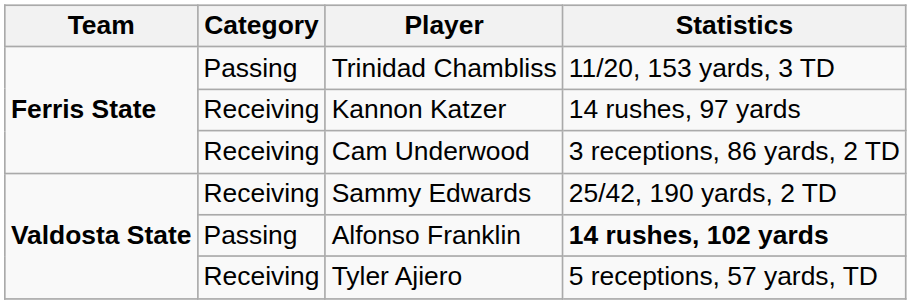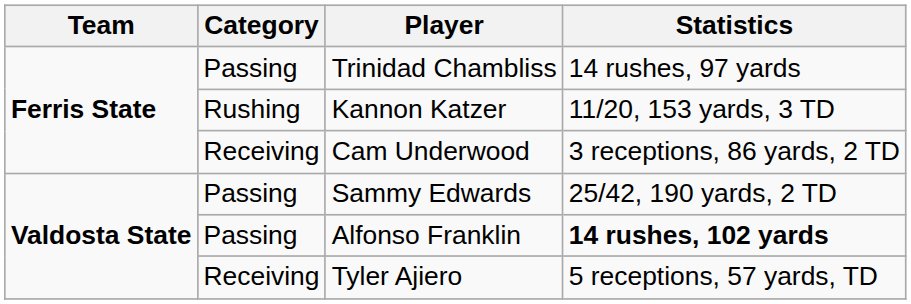 <table class="wikitable" style="float: left;">
 <tr>
 <th>Team</th>
 <th>Category</th>
 <th>Player</th>
 <th>Statistics</th>
 </tr>
 <tr>
 <td rowspan=3><strong>Ferris State</strong></td>
 <td>Passing</td>
 <td>Trinidad Chambliss</td>
-<td>11/20, 153 yards, 3 TD</td>
+<td>14 rushes, 97 yards</td>
 </tr>
 <tr>
-<td>Receiving</td>
+<td>Rushing</td>
 <td>Kannon Katzer</td>
-<td>14 rushes, 97 yards</td>
+<td>11/20, 153 yards, 3 TD</td>
 </tr>
 <tr>
 <td>Receiving</td>
 <td>Cam Underwood</td>
 <td>3 receptions, 86 yards, 2 TD</td>
 </tr>
 <tr>
 <td rowspan=3><strong>Valdosta State</strong></td>
-<td>Receiving</td>
+<td>Passing</td>
 <td>Sammy Edwards</td>
 <td>25/42, 190 yards, 2 TD</td>
 </tr>
 <tr>
 <td>Passing</td>
 <td>Alfonso Franklin</td>
 <td><strong>14 rushes, 102 yards</strong></td>
 </tr>
 <tr>
 <td>Receiving</td>
 <td>Tyler Ajiero</td>
 <td>5 receptions, 57 yards, TD</td>
 </tr>
 </table>
